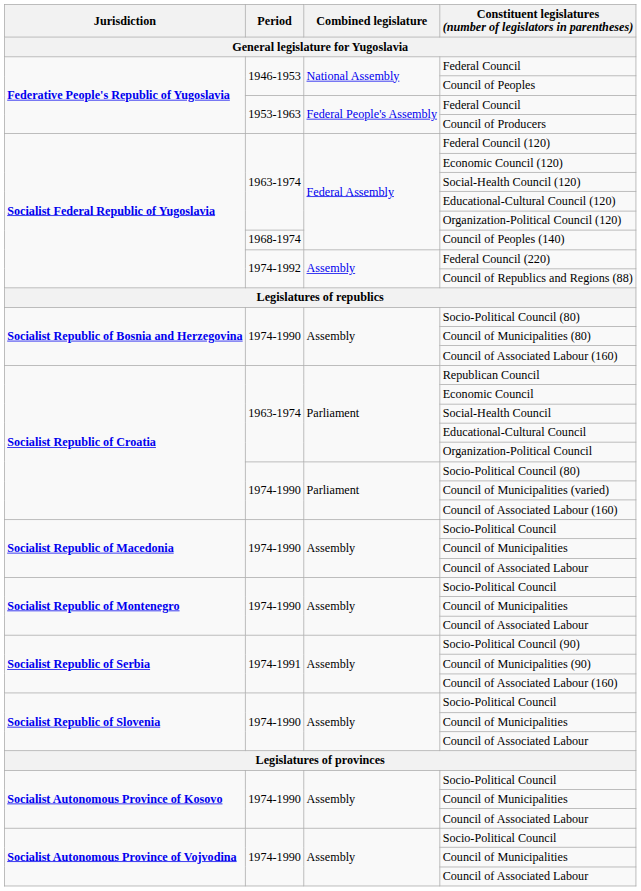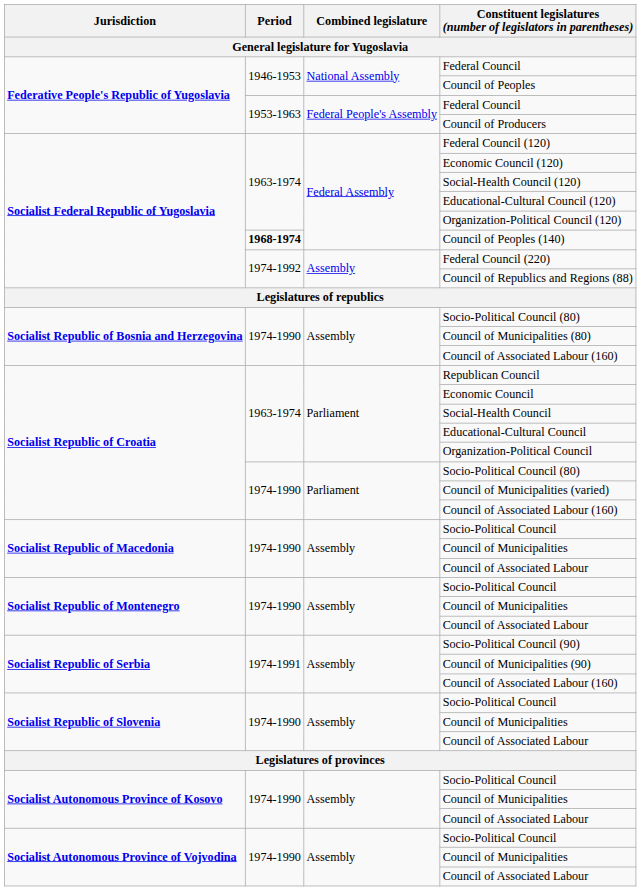 <table class="wikitable">
 <tr>
 <th>Jurisdiction</th>
 <th>Period</th>
 <th>Combined legislature</th>
 <th>Constituent legislatures<br><em>(number of legislators in parentheses)</em></th>
 </tr>
 <tr>
 <th colspan=4>General legislature for Yugoslavia</th>
 </tr>
 <tr>
 <td rowspan=4><strong><a href='#'>Federative People's Republic of Yugoslavia</a></strong></td>
 <td rowspan=2>1946-1953</td>
 <td rowspan=2><a href='#'>National Assembly</a></td>
 <td>Federal Council</td>
 </tr>
 <tr>
 <td>Council of Peoples</td>
 </tr>
 <tr>
 <td rowspan=2>1953-1963</td>
 <td rowspan=2><a href='#'>Federal People's Assembly</a></td>
 <td>Federal Council</td>
 </tr>
 <tr>
 <td>Council of Producers</td>
 </tr>
 <tr>
 <td rowspan=8><strong><a href='#'>Socialist Federal Republic of Yugoslavia</a></strong></td>
 <td rowspan=5>1963-1974</td>
 <td rowspan=6><a href='#'>Federal Assembly</a></td>
 <td>Federal Council (120)</td>
 </tr>
 <tr>
 <td>Economic Council (120)</td>
 </tr>
 <tr>
 <td>Social-Health Council (120)</td>
 </tr>
 <tr>
 <td>Educational-Cultural Council (120)</td>
 </tr>
 <tr>
 <td>Organization-Political Council (120)</td>
 </tr>
 <tr>
-<td>1968-1974</td>
+<td><strong>1968-1974</strong></td>
 <td>Council of Peoples (140)</td>
 </tr>
 <tr>
 <td rowspan=2>1974-1992</td>
 <td rowspan=2><a href='#'>Assembly</a></td>
 <td>Federal Council (220)</td>
 </tr>
 <tr>
 <td>Council of Republics and Regions (88)</td>
 </tr>
 <tr>
 <th colspan=4>Legislatures of republics</th>
 </tr>
 <tr>
 <td rowspan=3><strong><a href='#'>Socialist Republic of Bosnia and Herzegovina</a></strong></td>
 <td rowspan=3>1974-1990</td>
 <td rowspan=3>Assembly</td>
 <td>Socio-Political Council (80)</td>
 </tr>
 <tr>
 <td>Council of Municipalities (80)</td>
 </tr>
 <tr>
 <td>Council of Associated Labour (160)</td>
 </tr>
 <tr>
 <td rowspan=8><strong><a href='#'>Socialist Republic of Croatia</a></strong></td>
 <td rowspan=5>1963-1974</td>
 <td rowspan=5>Parliament</td>
 <td>Republican Council</td>
 </tr>
 <tr>
 <td>Economic Council</td>
 </tr>
 <tr>
 <td>Social-Health Council</td>
 </tr>
 <tr>
 <td>Educational-Cultural Council</td>
 </tr>
 <tr>
 <td>Organization-Political Council</td>
 </tr>
 <tr>
 <td rowspan=3>1974-1990</td>
 <td rowspan=3>Parliament</td>
 <td>Socio-Political Council (80)</td>
 </tr>
 <tr>
 <td>Council of Municipalities (varied)</td>
 </tr>
 <tr>
 <td>Council of Associated Labour (160)</td>
 </tr>
 <tr>
 <td rowspan=3><strong><a href='#'>Socialist Republic of Macedonia</a></strong></td>
 <td rowspan=3>1974-1990</td>
 <td rowspan=3>Assembly</td>
 <td>Socio-Political Council</td>
 </tr>
 <tr>
 <td>Council of Municipalities</td>
 </tr>
 <tr>
 <td>Council of Associated Labour</td>
 </tr>
 <tr>
 <td rowspan=3><strong><a href='#'>Socialist Republic of Montenegro</a></strong></td>
 <td rowspan=3>1974-1990</td>
 <td rowspan=3>Assembly</td>
 <td>Socio-Political Council</td>
 </tr>
 <tr>
 <td>Council of Municipalities</td>
 </tr>
 <tr>
 <td>Council of Associated Labour</td>
 </tr>
 <tr>
 <td rowspan=3><strong><a href='#'>Socialist Republic of Serbia</a></strong></td>
 <td rowspan=3>1974-1991</td>
 <td rowspan=3>Assembly</td>
 <td>Socio-Political Council (90)</td>
 </tr>
 <tr>
 <td>Council of Municipalities (90)</td>
 </tr>
 <tr>
 <td>Council of Associated Labour (160)</td>
 </tr>
 <tr>
 <td rowspan=3><strong><a href='#'>Socialist Republic of Slovenia</a></strong></td>
 <td rowspan=3>1974-1990</td>
 <td rowspan=3>Assembly</td>
 <td>Socio-Political Council</td>
 </tr>
 <tr>
 <td>Council of Municipalities</td>
 </tr>
 <tr>
 <td>Council of Associated Labour</td>
 </tr>
 <tr>
 <th colspan="4">Legislatures of provinces</th>
 </tr>
 <tr>
 <td rowspan=3><strong><a href='#'>Socialist Autonomous Province of Kosovo</a></strong></td>
 <td rowspan=3>1974-1990</td>
 <td rowspan=3>Assembly</td>
 <td>Socio-Political Council</td>
 </tr>
 <tr>
 <td>Council of Municipalities</td>
 </tr>
 <tr>
 <td>Council of Associated Labour</td>
 </tr>
 <tr>
 <td rowspan=3><strong><a href='#'>Socialist Autonomous Province of Vojvodina</a></strong></td>
 <td rowspan=3>1974-1990</td>
 <td rowspan=3>Assembly</td>
 <td>Socio-Political Council</td>
 </tr>
 <tr>
 <td>Council of Municipalities</td>
 </tr>
 <tr>
 <td>Council of Associated Labour</td>
 </tr>
 </table>
